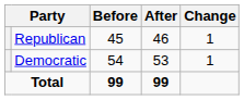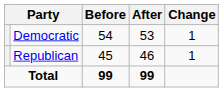 <table class="wikitable" style="text-align:center;">
 <tr>
 <th colspan="2">Party</th>
 <th>Before</th>
 <th>After</th>
 <th>Change</th>
 </tr>
 <tr>
 <th style="background-color:"></th>
-<td style="text-align:left;"><a href='#'>Republican</a></td>
-<td>45</td>
-<td>46</td>
+<td style="text-align:left;"><a href='#'>Democratic</a></td>
+<td>54</td>
+<td>53</td>
 <td> 1</td>
 </tr>
 <tr>
 <th style="background-color:"></th>
-<td style="text-align:left;"><a href='#'>Democratic</a></td>
-<td>54</td>
-<td>53</td>
+<td style="text-align:left;"><a href='#'>Republican</a></td>
+<td>45</td>
+<td>46</td>
 <td> 1</td>
 </tr>
 <tr>
 <td colspan="2"><strong>Total</strong></td>
 <td><strong>99</strong></td>
 <td><strong>99</strong></td>
 <td></td>
 </tr>
 </table>
